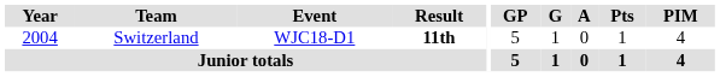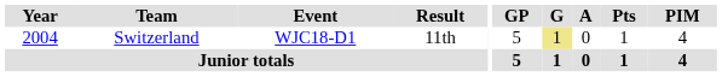 <table border="0" cellpadding="1" cellspacing="0" ID="Table3" style="text-align:center; width:40em">
 <tr ALIGN="center" bgcolor="#e0e0e0">
 <th>Year</th>
 <th>Team</th>
 <th>Event</th>
 <th>Result</th>
 <th rowspan="99" bgcolor="#ffffff"></th>
 <th>GP</th>
 <th>G</th>
 <th>A</th>
 <th>Pts</th>
 <th>PIM</th>
 </tr>
 <tr>
 <td><a href='#'>2004</a></td>
 <td><a href='#'>Switzerland</a></td>
 <td><a href='#'>WJC18-D1</a></td>
-<td><strong>11th</strong></td>
+<td>11th</td>
 <td>5</td>
-<td>1</td>
+<td style="background: khaki;">1</td>
 <td>0</td>
 <td>1</td>
 <td>4</td>
 </tr>
 <tr bgcolor="#e0e0e0">
 <th colspan="4">Junior totals</th>
 <th>5</th>
 <th>1</th>
 <th>0</th>
 <th>1</th>
 <th>4</th>
 </tr>
 </table>
